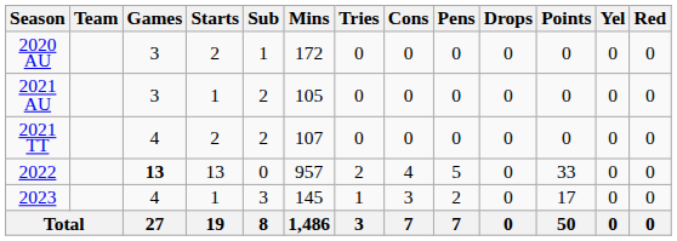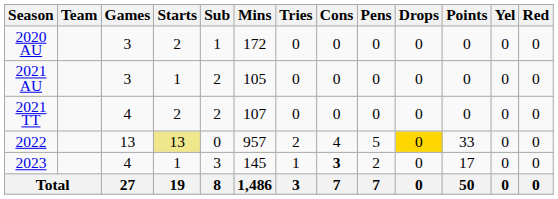 <table class="wikitable" style="text-align:center; line-height:90%; font-size:95%; width:60%;">
 <tr>
 <th>Season</th>
 <th>Team</th>
 <th>Games</th>
 <th>Starts</th>
 <th>Sub</th>
 <th>Mins</th>
 <th>Tries</th>
 <th>Cons</th>
 <th>Pens</th>
 <th>Drops</th>
 <th>Points</th>
 <th>Yel</th>
 <th>Red</th>
 </tr>
 <tr>
 <td><a href='#'>2020 AU</a></td>
 <td></td>
 <td>3</td>
 <td>2</td>
 <td>1</td>
 <td>172</td>
 <td>0</td>
 <td>0</td>
 <td>0</td>
 <td>0</td>
 <td>0</td>
 <td>0</td>
 <td>0</td>
 </tr>
 <tr>
 <td><a href='#'>2021 AU</a></td>
 <td></td>
 <td>3</td>
 <td>1</td>
 <td>2</td>
 <td>105</td>
 <td>0</td>
 <td>0</td>
 <td>0</td>
 <td>0</td>
 <td>0</td>
 <td>0</td>
 <td>0</td>
 </tr>
 <tr>
 <td><a href='#'>2021 TT</a></td>
 <td></td>
 <td>4</td>
 <td>2</td>
 <td>2</td>
 <td>107</td>
 <td>0</td>
 <td>0</td>
 <td>0</td>
 <td>0</td>
 <td>0</td>
 <td>0</td>
 <td>0</td>
 </tr>
 <tr>
 <td><a href='#'>2022</a></td>
 <td></td>
-<td><strong>13</strong></td>
 <td>13</td>
+<td style="background: khaki;">13</td>
 <td>0</td>
 <td>957</td>
 <td>2</td>
 <td>4</td>
 <td>5</td>
-<td>0</td>
+<td style="background: gold;">0</td>
 <td>33</td>
 <td>0</td>
 <td>0</td>
 </tr>
 <tr>
 <td><a href='#'>2023</a></td>
 <td></td>
 <td>4</td>
 <td>1</td>
 <td>3</td>
 <td>145</td>
 <td>1</td>
-<td>3</td>
+<td><strong>3</strong></td>
 <td>2</td>
 <td>0</td>
 <td>17</td>
 <td>0</td>
 <td>0</td>
 </tr>
 <tr>
 <th colspan="2">Total</th>
 <th>27</th>
 <th>19</th>
 <th>8</th>
 <th>1,486</th>
 <th>3</th>
 <th>7</th>
 <th>7</th>
 <th>0</th>
 <th>50</th>
 <th>0</th>
 <th>0</th>
 </tr>
 </table>
